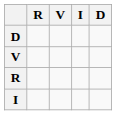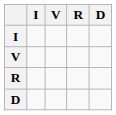 <table class=wikitable style=text-align:center>
 <tr>
 <th></th>
+<th> I </th>
+<th> V </th>
 <th> R </th>
-<th> V </th>
-<th> I </th>
 <th> D </th>
 </tr>
 <tr>
-<th> D </th>
+<th> I </th>
 <td></td>
 <td></td>
 <td></td>
 <td></td>
 </tr>
 <tr>
 <th> V </th>
 <td></td>
 <td></td>
 <td></td>
 <td></td>
 </tr>
 <tr>
 <th> R </th>
 <td></td>
 <td></td>
 <td></td>
 <td></td>
 </tr>
 <tr>
-<th> I </th>
+<th> D </th>
 <td></td>
 <td></td>
 <td></td>
 <td></td>
 </tr>
 </table>
